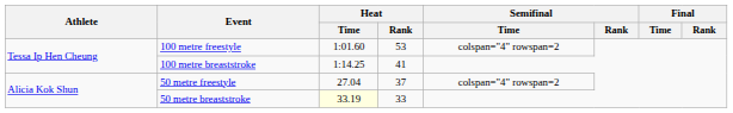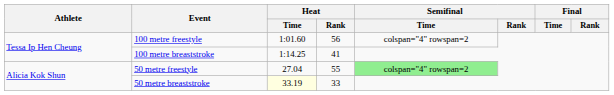 <table class="wikitable" style="text-align:center; font-size:90%; width:50%;">
 <tr>
 <th rowspan="2">Athlete</th>
 <th rowspan="2">Event</th>
 <th colspan="2">Heat</th>
 <th colspan="2">Semifinal</th>
 <th colspan="2">Final</th>
 </tr>
 <tr style="font-size:95%">
 <th>Time</th>
 <th>Rank</th>
 <th>Time</th>
 <th>Rank</th>
 <th>Time</th>
 <th>Rank</th>
 </tr>
 <tr>
 <td align=left rowspan=2><a href='#'>Tessa Ip Hen Cheung</a></td>
 <td align=left><a href='#'>100 metre freestyle</a></td>
 <td>1:01.60</td>
-<td>53</td>
+<td>56</td>
 <td>colspan="4" rowspan=2</td>
 </tr>
 <tr>
 <td align=left><a href='#'>100 metre breaststroke</a></td>
 <td>1:14.25</td>
 <td>41</td>
 </tr>
 <tr>
 <td align=left rowspan=2><a href='#'>Alicia Kok Shun</a></td>
 <td align=left><a href='#'>50 metre freestyle</a></td>
 <td>27.04</td>
-<td>37</td>
-<td>colspan="4" rowspan=2</td>
+<td>55</td>
+<td style="background: lightgreen;">colspan="4" rowspan=2</td>
 </tr>
 <tr>
 <td align=left><a href='#'>50 metre breaststroke</a></td>
 <td style="background: lightyellow;">33.19</td>
 <td>33</td>
 </tr>
 </table>
